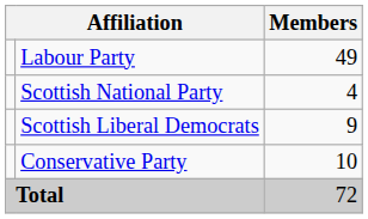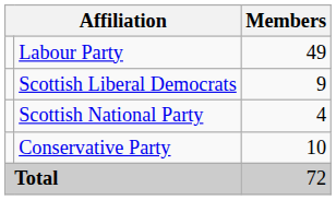 <table class="wikitable">
 <tr>
 <th colspan="2">Affiliation</th>
 <th>Members</th>
 </tr>
 <tr>
 <td style="color:inherit;background:"></td>
 <td><a href='#'>Labour Party</a></td>
 <td align="right">49</td>
 </tr>
 <tr>
 <td style="color:inherit;background:"></td>
-<td><a href='#'>Scottish National Party</a></td>
-<td align="right">4</td>
+<td><a href='#'>Scottish Liberal Democrats</a></td>
+<td align="right">9</td>
 </tr>
 <tr>
 <td style="color:inherit;background:"></td>
-<td><a href='#'>Scottish Liberal Democrats</a></td>
-<td align="right">9</td>
+<td><a href='#'>Scottish National Party</a></td>
+<td align="right">4</td>
 </tr>
 <tr>
 <td style="color:inherit;background:"></td>
 <td><a href='#'>Conservative Party</a></td>
 <td align="right">10</td>
 </tr>
 <tr bgcolor="CCCCCC">
 <td colspan="2" rowspan="1"> <strong>Total</strong></td>
 <td align="right">72</td>
 </tr>
 </table>
